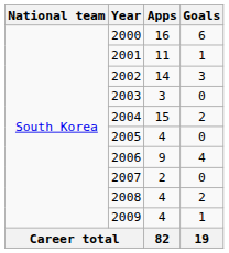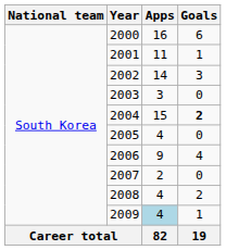 <table class="wikitable" style="text-align:center">
 <tr>
 <th>National team</th>
 <th>Year</th>
 <th>Apps</th>
 <th>Goals</th>
 </tr>
 <tr>
 <td rowspan="10"><a href='#'>South Korea</a></td>
 <td>2000</td>
 <td>16</td>
 <td>6</td>
 </tr>
 <tr>
 <td>2001</td>
 <td>11</td>
 <td>1</td>
 </tr>
 <tr>
 <td>2002</td>
 <td>14</td>
 <td>3</td>
 </tr>
 <tr>
 <td>2003</td>
 <td>3</td>
 <td>0</td>
 </tr>
 <tr>
 <td>2004</td>
 <td>15</td>
-<td>2</td>
+<td><strong>2</strong></td>
 </tr>
 <tr>
 <td>2005</td>
 <td>4</td>
 <td>0</td>
 </tr>
 <tr>
 <td>2006</td>
 <td>9</td>
 <td>4</td>
 </tr>
 <tr>
 <td>2007</td>
 <td>2</td>
 <td>0</td>
 </tr>
 <tr>
 <td>2008</td>
 <td>4</td>
 <td>2</td>
 </tr>
 <tr>
 <td>2009</td>
-<td>4</td>
+<td style="background: lightblue;">4</td>
 <td>1</td>
 </tr>
 <tr>
 <th colspan="2">Career total</th>
 <th>82</th>
 <th>19</th>
 </tr>
 </table>
